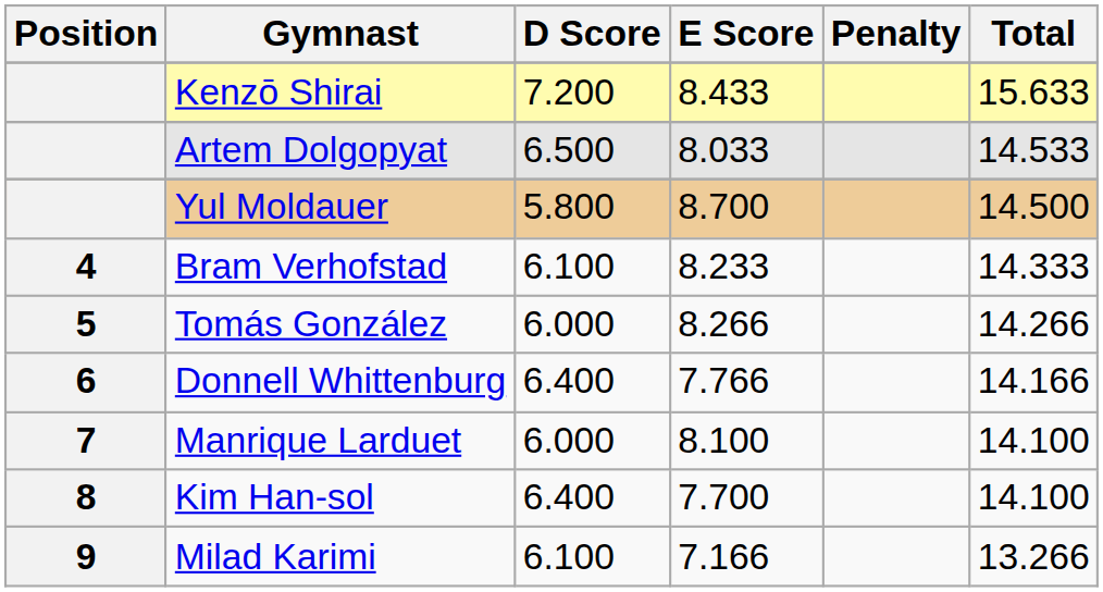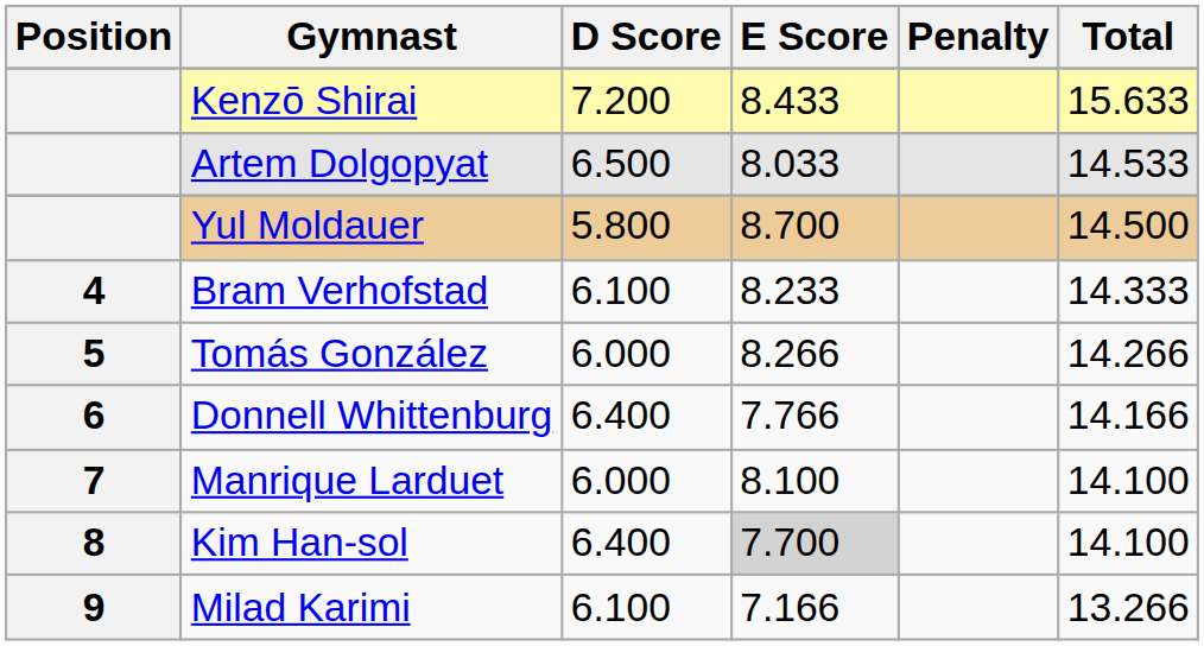 <table class="wikitable sortable">
 <tr>
 <th>Position</th>
 <th>Gymnast</th>
 <th>D Score</th>
 <th>E Score</th>
 <th>Penalty</th>
 <th>Total</th>
 </tr>
 <tr>
 </tr>
 <tr style="background:#fffcaf;">
 <th scope=row style="text-align:center"></th>
 <td> <a href='#'>Kenzō Shirai</a></td>
 <td>7.200</td>
 <td>8.433</td>
 <td></td>
 <td>15.633</td>
 </tr>
 <tr>
 </tr>
 <tr style="background:#e5e5e5;">
 <th scope=row style="text-align:center"></th>
 <td> <a href='#'>Artem Dolgopyat</a></td>
 <td>6.500</td>
 <td>8.033</td>
 <td></td>
 <td>14.533</td>
 </tr>
 <tr>
 </tr>
 <tr style="background:#ec9;">
 <th scope=row style="text-align:center"></th>
 <td> <a href='#'>Yul Moldauer</a></td>
 <td>5.800</td>
 <td>8.700</td>
 <td></td>
 <td>14.500</td>
 </tr>
 <tr>
 <th>4</th>
 <td> <a href='#'>Bram Verhofstad</a></td>
 <td>6.100</td>
 <td>8.233</td>
 <td></td>
 <td>14.333</td>
 </tr>
 <tr>
 <th>5</th>
 <td> <a href='#'>Tomás González</a></td>
 <td>6.000</td>
 <td>8.266</td>
 <td></td>
 <td>14.266</td>
 </tr>
 <tr>
 <th>6</th>
 <td> <a href='#'>Donnell Whittenburg</a></td>
 <td>6.400</td>
 <td>7.766</td>
 <td></td>
 <td>14.166</td>
 </tr>
 <tr>
 <th>7</th>
 <td> <a href='#'>Manrique Larduet</a></td>
 <td>6.000</td>
 <td>8.100</td>
 <td></td>
 <td>14.100</td>
 </tr>
 <tr>
 <th>8</th>
 <td> <a href='#'>Kim Han-sol</a></td>
 <td>6.400</td>
-<td>7.700</td>
+<td style="background: lightgrey;">7.700</td>
 <td></td>
 <td>14.100</td>
 </tr>
 <tr>
 <th>9</th>
 <td> <a href='#'>Milad Karimi</a></td>
 <td>6.100</td>
 <td>7.166</td>
 <td></td>
 <td>13.266</td>
 </tr>
 </table>
